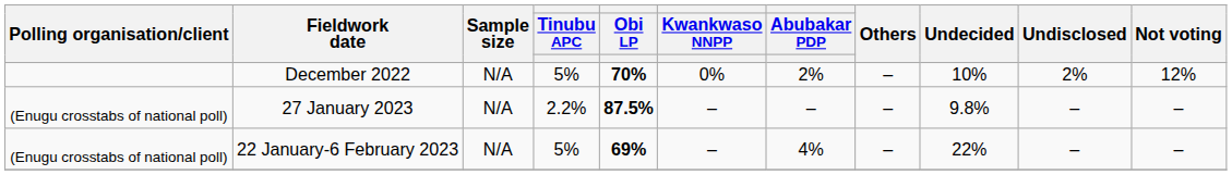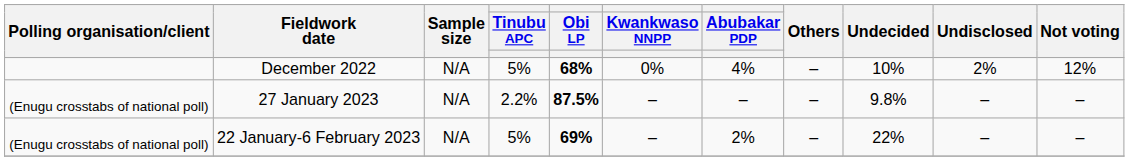 <table class="wikitable" style="text-align:center;font-size:95%;line-height:14px;">
 <tr>
 <th rowspan="3">Polling organisation/client</th>
 <th rowspan="3">Fieldwork<br>date</th>
 <th rowspan="3">Sample<br>size</th>
 <th></th>
 <th></th>
 <th></th>
 <th></th>
 <th rowspan="3">Others</th>
 <th rowspan="3">Undecided</th>
 <th rowspan="3">Undisclosed</th>
 <th rowspan="3">Not voting</th>
 </tr>
 <tr>
 <th><a href='#'>Tinubu</a><br><small><a href='#'>APC</a></small></th>
 <th><a href='#'>Obi</a><br><small><a href='#'>LP</a></small></th>
 <th><a href='#'>Kwankwaso</a><br><small><a href='#'>NNPP</a></small></th>
 <th><a href='#'>Abubakar</a><br><small><a href='#'>PDP</a></small></th>
 </tr>
 <tr>
 <th style="background:"></th>
 <th style="background:"></th>
 <th style="background:"></th>
 <th style="background:"></th>
 </tr>
 <tr>
 <td></td>
 <td>December 2022</td>
 <td>N/A</td>
 <td>5%</td>
-<td><strong>70%</strong></td>
+<td><strong>68%</strong></td>
 <td>0%</td>
-<td>2%</td>
+<td>4%</td>
 <td>–</td>
 <td>10%</td>
 <td>2%</td>
 <td>12%</td>
 </tr>
 <tr>
 <td><br><small>(Enugu crosstabs of national poll)</small></td>
 <td>27 January 2023</td>
 <td>N/A</td>
 <td>2.2%</td>
 <td><strong>87.5%</strong></td>
 <td>–</td>
 <td>–</td>
 <td>–</td>
 <td>9.8%</td>
 <td>–</td>
 <td>–</td>
 </tr>
 <tr>
 <td><br><small>(Enugu crosstabs of national poll)</small></td>
 <td>22 January-6 February 2023</td>
 <td>N/A</td>
 <td>5%</td>
 <td><strong>69%</strong></td>
 <td>–</td>
-<td>4%</td>
+<td>2%</td>
 <td>–</td>
 <td>22%</td>
 <td>–</td>
 <td>–</td>
 </tr>
 <tr>
 </tr>
 </table>
